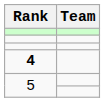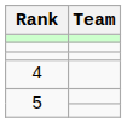 <table class="wikitable" style="text-align:center">
 <tr>
 <th width=40>Rank</th>
 <th>Team</th>
 </tr>
 <tr bgcolor=#ccffcc>
 <td></td>
 <td style="text-align:left"></td>
 </tr>
 <tr>
 <td></td>
 <td style="text-align:left"></td>
 </tr>
 <tr>
 <td></td>
 <td style="text-align:left"></td>
 </tr>
 <tr>
-<td><strong>4</strong></td>
+<td>4</td>
 <td style="text-align:left"></td>
 </tr>
 <tr>
 <td rowspan=2>5</td>
 <td style="text-align:left"></td>
 </tr>
 <tr>
 <td style="text-align:left"></td>
 </tr>
 </table>
